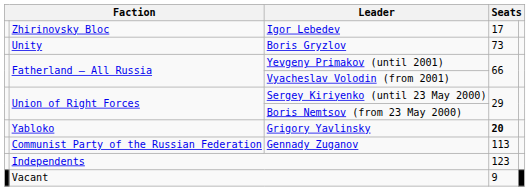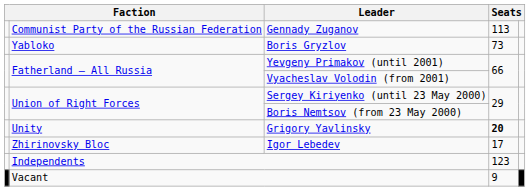 <table class=wikitable>
 <tr>
 <th colspan=2>Faction</th>
 <th>Leader</th>
 <th colspan=2>Seats</th>
 </tr>
 <tr>
 <td style="background-color:"></td>
-<td><a href='#'>Zhirinovsky Bloc</a></td>
-<td><a href='#'>Igor Lebedev</a></td>
-<td>17</td>
+<td><a href='#'>Communist Party of the Russian Federation</a></td>
+<td><a href='#'>Gennady Zuganov</a></td>
+<td>113</td>
 <td style="background-color:"></td>
 </tr>
 <tr>
 <td style="background-color:"></td>
-<td><a href='#'>Unity</a></td>
+<td><a href='#'>Yabloko</a></td>
 <td><a href='#'>Boris Gryzlov</a></td>
 <td>73</td>
 <td style="background-color:"></td>
 </tr>
 <tr>
 <td rowspan=2 style="background-color:"></td>
 <td rowspan=2><a href='#'>Fatherland – All Russia</a></td>
 <td><a href='#'>Yevgeny Primakov</a> (until 2001)</td>
 <td rowspan=2>66</td>
 <td rowspan=2 style="background-color:"></td>
 </tr>
 <tr>
 <td><a href='#'>Vyacheslav Volodin</a> (from 2001)</td>
 </tr>
 <tr>
 <td rowspan=2 style="background-color:"></td>
 <td rowspan=2><a href='#'>Union of Right Forces</a></td>
 <td><a href='#'>Sergey Kiriyenko</a> (until 23 May 2000)</td>
 <td rowspan=2>29</td>
 <td rowspan=2 style="background-color:"></td>
 </tr>
 <tr>
 <td><a href='#'>Boris Nemtsov</a> (from 23 May 2000)</td>
 </tr>
 <tr>
 <td style="background-color:"></td>
-<td><a href='#'>Yabloko</a></td>
+<td><a href='#'>Unity</a></td>
 <td><a href='#'>Grigory Yavlinsky</a></td>
 <td><strong>20</strong></td>
 <td style="background-color:"></td>
 </tr>
 <tr>
 <td style="background-color:"></td>
-<td><a href='#'>Communist Party of the Russian Federation</a></td>
-<td><a href='#'>Gennady Zuganov</a></td>
-<td>113</td>
+<td><a href='#'>Zhirinovsky Bloc</a></td>
+<td><a href='#'>Igor Lebedev</a></td>
+<td>17</td>
 <td style="background-color:"></td>
 </tr>
 <tr>
 <td style="background-color:"></td>
 <td colspan=2><a href='#'>Independents</a></td>
 <td>123</td>
 <td style="background-color:"></td>
 </tr>
 <tr>
 <td style="background-color:Black"></td>
 <td colspan=2>Vacant</td>
 <td>9</td>
 <td style="background-color:Black"></td>
 </tr>
 </table>
